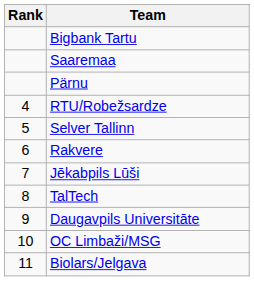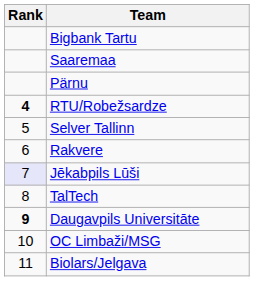 <table class=wikitable style="text-align:center">
 <tr>
 <th width=40>Rank</th>
 <th width=220>Team</th>
 </tr>
 <tr>
 <td></td>
 <td align=left> <a href='#'>Bigbank Tartu</a></td>
 </tr>
 <tr>
 <td></td>
 <td align=left> <a href='#'>Saaremaa</a></td>
 </tr>
 <tr>
 <td></td>
 <td align=left> <a href='#'>Pärnu</a></td>
 </tr>
 <tr>
-<td>4</td>
+<td><strong>4</strong></td>
 <td align=left> <a href='#'>RTU/Robežsardze</a></td>
 </tr>
 <tr>
 <td>5</td>
 <td align=left> <a href='#'>Selver Tallinn</a></td>
 </tr>
 <tr>
 <td>6</td>
 <td align=left> <a href='#'>Rakvere</a></td>
 </tr>
 <tr>
-<td>7</td>
+<td style="background: lavender;">7</td>
 <td align=left> <a href='#'>Jēkabpils Lūši</a></td>
 </tr>
 <tr>
 <td>8</td>
 <td align=left> <a href='#'>TalTech</a></td>
 </tr>
 <tr>
-<td>9</td>
+<td><strong>9</strong></td>
 <td align=left> <a href='#'>Daugavpils Universitāte</a></td>
 </tr>
 <tr>
 <td>10</td>
 <td align=left> <a href='#'>OC Limbaži/MSG</a></td>
 </tr>
 <tr>
 <td>11</td>
 <td align=left> <a href='#'>Biolars/Jelgava</a></td>
 </tr>
 </table>
